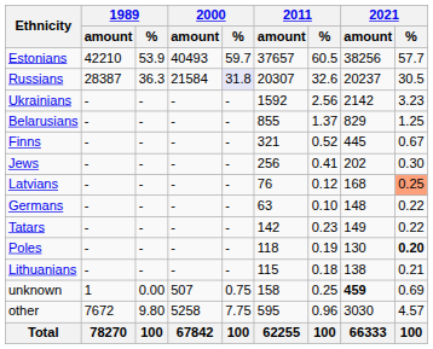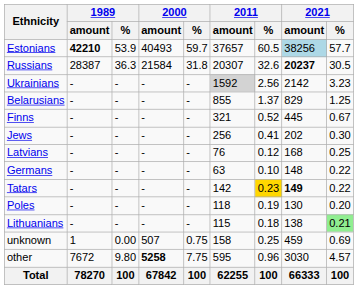 <table class="wikitable sortable mw-collapsible">
 <tr>
 <th rowspan="2">Ethnicity</th>
 <th colspan="2"><a href='#'>1989</a></th>
 <th colspan="2"><a href='#'>2000</a></th>
 <th colspan="2"><a href='#'>2011</a></th>
 <th colspan="2"><a href='#'>2021</a></th>
 </tr>
 <tr>
 <th>amount</th>
 <th>%</th>
 <th>amount</th>
 <th>%</th>
 <th>amount</th>
 <th>%</th>
 <th>amount</th>
 <th>%</th>
 </tr>
 <tr>
 <td><a href='#'>Estonians</a></td>
-<td>42210</td>
+<td><strong>42210</strong></td>
 <td>53.9</td>
 <td>40493</td>
 <td>59.7</td>
 <td>37657</td>
 <td>60.5</td>
-<td>38256</td>
+<td style="background: lightblue;">38256</td>
 <td>57.7</td>
 </tr>
 <tr>
 <td><a href='#'>Russians</a></td>
 <td>28387</td>
 <td>36.3</td>
 <td>21584</td>
-<td style="background: lavender;">31.8</td>
+<td>31.8</td>
 <td>20307</td>
 <td>32.6</td>
-<td>20237</td>
+<td><strong>20237</strong></td>
 <td>30.5</td>
 </tr>
 <tr>
 <td><a href='#'>Ukrainians</a></td>
 <td>-</td>
 <td>-</td>
 <td>-</td>
 <td>-</td>
-<td>1592</td>
+<td style="background: lightgrey;">1592</td>
 <td>2.56</td>
 <td>2142</td>
 <td>3.23</td>
 </tr>
 <tr>
 <td><a href='#'>Belarusians</a></td>
 <td>-</td>
 <td>-</td>
 <td>-</td>
 <td>-</td>
 <td>855</td>
 <td>1.37</td>
 <td>829</td>
 <td>1.25</td>
 </tr>
 <tr>
 <td><a href='#'>Finns</a></td>
 <td>-</td>
 <td>-</td>
 <td>-</td>
 <td>-</td>
 <td>321</td>
 <td>0.52</td>
 <td>445</td>
 <td>0.67</td>
 </tr>
 <tr>
 <td><a href='#'>Jews</a></td>
 <td>-</td>
 <td>-</td>
 <td>-</td>
 <td>-</td>
 <td>256</td>
 <td>0.41</td>
 <td>202</td>
 <td>0.30</td>
 </tr>
 <tr>
 <td><a href='#'>Latvians</a></td>
 <td>-</td>
 <td>-</td>
 <td>-</td>
 <td>-</td>
 <td>76</td>
 <td>0.12</td>
 <td>168</td>
-<td style="background: lightsalmon;">0.25</td>
+<td>0.25</td>
 </tr>
 <tr>
 <td><a href='#'>Germans</a></td>
 <td>-</td>
 <td>-</td>
 <td>-</td>
 <td>-</td>
 <td>63</td>
 <td>0.10</td>
 <td>148</td>
 <td>0.22</td>
 </tr>
 <tr>
 <td><a href='#'>Tatars</a></td>
 <td>-</td>
 <td>-</td>
 <td>-</td>
 <td>-</td>
 <td>142</td>
-<td>0.23</td>
-<td>149</td>
+<td style="background: gold;">0.23</td>
+<td><strong>149</strong></td>
 <td>0.22</td>
 </tr>
 <tr>
 <td><a href='#'>Poles</a></td>
 <td>-</td>
 <td>-</td>
 <td>-</td>
 <td>-</td>
 <td>118</td>
 <td>0.19</td>
 <td>130</td>
-<td><strong>0.20</strong></td>
+<td>0.20</td>
 </tr>
 <tr>
 <td><a href='#'>Lithuanians</a></td>
 <td>-</td>
 <td>-</td>
 <td>-</td>
 <td>-</td>
 <td>115</td>
 <td>0.18</td>
 <td>138</td>
-<td>0.21</td>
+<td style="background: lightgreen;">0.21</td>
 </tr>
 <tr>
 <td>unknown</td>
 <td>1</td>
 <td>0.00</td>
 <td>507</td>
 <td>0.75</td>
 <td>158</td>
 <td>0.25</td>
-<td><strong>459</strong></td>
+<td>459</td>
 <td>0.69</td>
 </tr>
 <tr>
 <td>other</td>
 <td>7672</td>
 <td>9.80</td>
-<td>5258</td>
+<td><strong>5258</strong></td>
 <td>7.75</td>
 <td>595</td>
 <td>0.96</td>
 <td>3030</td>
 <td>4.57</td>
 </tr>
 <tr>
 <th>Total</th>
 <th>78270</th>
 <th>100</th>
 <th>67842</th>
 <th>100</th>
 <th>62255</th>
 <th>100</th>
 <th>66333</th>
 <th>100</th>
 </tr>
 </table>
